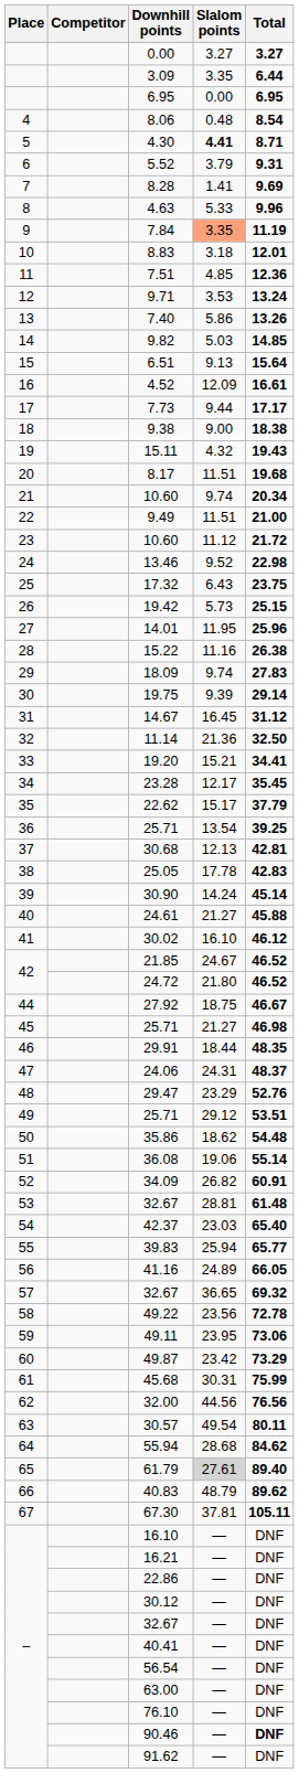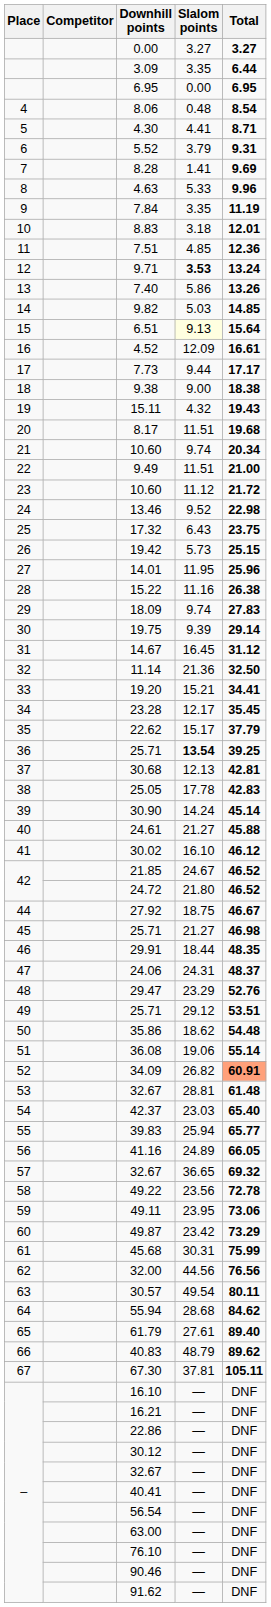 <table class=wikitable style="text-align:center">
 <tr>
 <th>Place</th>
 <th>Competitor</th>
 <th>Downhill<br>points</th>
 <th>Slalom<br>points</th>
 <th>Total</th>
 </tr>
 <tr>
 <td></td>
 <td align=left></td>
 <td>0.00</td>
 <td>3.27</td>
 <td><strong>3.27</strong></td>
 </tr>
 <tr>
 <td></td>
 <td align=left></td>
 <td>3.09</td>
 <td>3.35</td>
 <td><strong>6.44</strong></td>
 </tr>
 <tr>
 <td></td>
 <td align=left></td>
 <td>6.95</td>
 <td>0.00</td>
 <td><strong>6.95</strong></td>
 </tr>
 <tr>
 <td>4</td>
 <td align=left></td>
 <td>8.06</td>
 <td>0.48</td>
 <td><strong>8.54</strong></td>
 </tr>
 <tr>
 <td>5</td>
 <td align=left></td>
 <td>4.30</td>
-<td><strong>4.41</strong></td>
+<td>4.41</td>
 <td><strong>8.71</strong></td>
 </tr>
 <tr>
 <td>6</td>
 <td align=left></td>
 <td>5.52</td>
 <td>3.79</td>
 <td><strong>9.31</strong></td>
 </tr>
 <tr>
 <td>7</td>
 <td align=left></td>
 <td>8.28</td>
 <td>1.41</td>
 <td><strong>9.69</strong></td>
 </tr>
 <tr>
 <td>8</td>
 <td align=left></td>
 <td>4.63</td>
 <td>5.33</td>
 <td><strong>9.96</strong></td>
 </tr>
 <tr>
 <td>9</td>
 <td align=left></td>
 <td>7.84</td>
-<td style="background: lightsalmon;">3.35</td>
+<td>3.35</td>
 <td><strong>11.19</strong></td>
 </tr>
 <tr>
 <td>10</td>
 <td align=left></td>
 <td>8.83</td>
 <td>3.18</td>
 <td><strong>12.01</strong></td>
 </tr>
 <tr>
 <td>11</td>
 <td align=left></td>
 <td>7.51</td>
 <td>4.85</td>
 <td><strong>12.36</strong></td>
 </tr>
 <tr>
 <td>12</td>
 <td align=left></td>
 <td>9.71</td>
-<td>3.53</td>
+<td><strong>3.53</strong></td>
 <td><strong>13.24</strong></td>
 </tr>
 <tr>
 <td>13</td>
 <td align=left></td>
 <td>7.40</td>
 <td>5.86</td>
 <td><strong>13.26</strong></td>
 </tr>
 <tr>
 <td>14</td>
 <td align=left></td>
 <td>9.82</td>
 <td>5.03</td>
 <td><strong>14.85</strong></td>
 </tr>
 <tr>
 <td>15</td>
 <td align=left></td>
 <td>6.51</td>
-<td>9.13</td>
+<td style="background: lightyellow;">9.13</td>
 <td><strong>15.64</strong></td>
 </tr>
 <tr>
 <td>16</td>
 <td align=left></td>
 <td>4.52</td>
 <td>12.09</td>
 <td><strong>16.61</strong></td>
 </tr>
 <tr>
 <td>17</td>
 <td align=left></td>
 <td>7.73</td>
 <td>9.44</td>
 <td><strong>17.17</strong></td>
 </tr>
 <tr>
 <td>18</td>
 <td align=left></td>
 <td>9.38</td>
 <td>9.00</td>
 <td><strong>18.38</strong></td>
 </tr>
 <tr>
 <td>19</td>
 <td align=left></td>
 <td>15.11</td>
 <td>4.32</td>
 <td><strong>19.43</strong></td>
 </tr>
 <tr>
 <td>20</td>
 <td align=left></td>
 <td>8.17</td>
 <td>11.51</td>
 <td><strong>19.68</strong></td>
 </tr>
 <tr>
 <td>21</td>
 <td align=left></td>
 <td>10.60</td>
 <td>9.74</td>
 <td><strong>20.34</strong></td>
 </tr>
 <tr>
 <td>22</td>
 <td align=left></td>
 <td>9.49</td>
 <td>11.51</td>
 <td><strong>21.00</strong></td>
 </tr>
 <tr>
 <td>23</td>
 <td align=left></td>
 <td>10.60</td>
 <td>11.12</td>
 <td><strong>21.72</strong></td>
 </tr>
 <tr>
 <td>24</td>
 <td align=left></td>
 <td>13.46</td>
 <td>9.52</td>
 <td><strong>22.98</strong></td>
 </tr>
 <tr>
 <td>25</td>
 <td align=left></td>
 <td>17.32</td>
 <td>6.43</td>
 <td><strong>23.75</strong></td>
 </tr>
 <tr>
 <td>26</td>
 <td align=left></td>
 <td>19.42</td>
 <td>5.73</td>
 <td><strong>25.15</strong></td>
 </tr>
 <tr>
 <td>27</td>
 <td align=left></td>
 <td>14.01</td>
 <td>11.95</td>
 <td><strong>25.96</strong></td>
 </tr>
 <tr>
 <td>28</td>
 <td align=left></td>
 <td>15.22</td>
 <td>11.16</td>
 <td><strong>26.38</strong></td>
 </tr>
 <tr>
 <td>29</td>
 <td align=left></td>
 <td>18.09</td>
 <td>9.74</td>
 <td><strong>27.83</strong></td>
 </tr>
 <tr>
 <td>30</td>
 <td align=left></td>
 <td>19.75</td>
 <td>9.39</td>
 <td><strong>29.14</strong></td>
 </tr>
 <tr>
 <td>31</td>
 <td align=left></td>
 <td>14.67</td>
 <td>16.45</td>
 <td><strong>31.12</strong></td>
 </tr>
 <tr>
 <td>32</td>
 <td align=left></td>
 <td>11.14</td>
 <td>21.36</td>
 <td><strong>32.50</strong></td>
 </tr>
 <tr>
 <td>33</td>
 <td align=left></td>
 <td>19.20</td>
 <td>15.21</td>
 <td><strong>34.41</strong></td>
 </tr>
 <tr>
 <td>34</td>
 <td align=left></td>
 <td>23.28</td>
 <td>12.17</td>
 <td><strong>35.45</strong></td>
 </tr>
 <tr>
 <td>35</td>
 <td align=left></td>
 <td>22.62</td>
 <td>15.17</td>
 <td><strong>37.79</strong></td>
 </tr>
 <tr>
 <td>36</td>
 <td align=left></td>
 <td>25.71</td>
-<td>13.54</td>
+<td><strong>13.54</strong></td>
 <td><strong>39.25</strong></td>
 </tr>
 <tr>
 <td>37</td>
 <td align=left></td>
 <td>30.68</td>
 <td>12.13</td>
 <td><strong>42.81</strong></td>
 </tr>
 <tr>
 <td>38</td>
 <td align=left></td>
 <td>25.05</td>
 <td>17.78</td>
 <td><strong>42.83</strong></td>
 </tr>
 <tr>
 <td>39</td>
 <td align=left></td>
 <td>30.90</td>
 <td>14.24</td>
 <td><strong>45.14</strong></td>
 </tr>
 <tr>
 <td>40</td>
 <td align=left></td>
 <td>24.61</td>
 <td>21.27</td>
 <td><strong>45.88</strong></td>
 </tr>
 <tr>
 <td>41</td>
 <td align=left></td>
 <td>30.02</td>
 <td>16.10</td>
 <td><strong>46.12</strong></td>
 </tr>
 <tr>
 <td rowspan=2>42</td>
 <td align=left></td>
 <td>21.85</td>
 <td>24.67</td>
 <td><strong>46.52</strong></td>
 </tr>
 <tr>
 <td align=left></td>
 <td>24.72</td>
 <td>21.80</td>
 <td><strong>46.52</strong></td>
 </tr>
 <tr>
 <td>44</td>
 <td align=left></td>
 <td>27.92</td>
 <td>18.75</td>
 <td><strong>46.67</strong></td>
 </tr>
 <tr>
 <td>45</td>
 <td align=left></td>
 <td>25.71</td>
 <td>21.27</td>
 <td><strong>46.98</strong></td>
 </tr>
 <tr>
 <td>46</td>
 <td align=left></td>
 <td>29.91</td>
 <td>18.44</td>
 <td><strong>48.35</strong></td>
 </tr>
 <tr>
 <td>47</td>
 <td align=left></td>
 <td>24.06</td>
 <td>24.31</td>
 <td><strong>48.37</strong></td>
 </tr>
 <tr>
 <td>48</td>
 <td align=left></td>
 <td>29.47</td>
 <td>23.29</td>
 <td><strong>52.76</strong></td>
 </tr>
 <tr>
 <td>49</td>
 <td align=left></td>
 <td>25.71</td>
 <td>29.12</td>
 <td><strong>53.51</strong></td>
 </tr>
 <tr>
 <td>50</td>
 <td align=left></td>
 <td>35.86</td>
 <td>18.62</td>
 <td><strong>54.48</strong></td>
 </tr>
 <tr>
 <td>51</td>
 <td align=left></td>
 <td>36.08</td>
 <td>19.06</td>
 <td><strong>55.14</strong></td>
 </tr>
 <tr>
 <td>52</td>
 <td align=left></td>
 <td>34.09</td>
 <td>26.82</td>
-<td><strong>60.91</strong></td>
+<td style="background: lightsalmon;"><strong>60.91</strong></td>
 </tr>
 <tr>
 <td>53</td>
 <td align=left></td>
 <td>32.67</td>
 <td>28.81</td>
 <td><strong>61.48</strong></td>
 </tr>
 <tr>
 <td>54</td>
 <td align=left></td>
 <td>42.37</td>
 <td>23.03</td>
 <td><strong>65.40</strong></td>
 </tr>
 <tr>
 <td>55</td>
 <td align=left></td>
 <td>39.83</td>
 <td>25.94</td>
 <td><strong>65.77</strong></td>
 </tr>
 <tr>
 <td>56</td>
 <td align=left></td>
 <td>41.16</td>
 <td>24.89</td>
 <td><strong>66.05</strong></td>
 </tr>
 <tr>
 <td>57</td>
 <td align=left></td>
 <td>32.67</td>
 <td>36.65</td>
 <td><strong>69.32</strong></td>
 </tr>
 <tr>
 <td>58</td>
 <td align=left></td>
 <td>49.22</td>
 <td>23.56</td>
 <td><strong>72.78</strong></td>
 </tr>
 <tr>
 <td>59</td>
 <td align=left></td>
 <td>49.11</td>
 <td>23.95</td>
 <td><strong>73.06</strong></td>
 </tr>
 <tr>
 <td>60</td>
 <td align=left></td>
 <td>49.87</td>
 <td>23.42</td>
 <td><strong>73.29</strong></td>
 </tr>
 <tr>
 <td>61</td>
 <td align=left></td>
 <td>45.68</td>
 <td>30.31</td>
 <td><strong>75.99</strong></td>
 </tr>
 <tr>
 <td>62</td>
 <td align=left></td>
 <td>32.00</td>
 <td>44.56</td>
 <td><strong>76.56</strong></td>
 </tr>
 <tr>
 <td>63</td>
 <td align=left></td>
 <td>30.57</td>
 <td>49.54</td>
 <td><strong>80.11</strong></td>
 </tr>
 <tr>
 <td>64</td>
 <td align=left></td>
 <td>55.94</td>
 <td>28.68</td>
 <td><strong>84.62</strong></td>
 </tr>
 <tr>
 <td>65</td>
 <td align=left></td>
 <td>61.79</td>
-<td style="background: lightgrey;">27.61</td>
+<td>27.61</td>
 <td><strong>89.40</strong></td>
 </tr>
 <tr>
 <td>66</td>
 <td align=left></td>
 <td>40.83</td>
 <td>48.79</td>
 <td><strong>89.62</strong></td>
 </tr>
 <tr>
 <td>67</td>
 <td align=left></td>
 <td>67.30</td>
 <td>37.81</td>
 <td><strong>105.11</strong></td>
 </tr>
 <tr>
 <td rowspan=11>–</td>
 <td align=left></td>
 <td>16.10</td>
 <td>—</td>
 <td>DNF</td>
 </tr>
 <tr>
 <td align=left></td>
 <td>16.21</td>
 <td>—</td>
 <td>DNF</td>
 </tr>
 <tr>
 <td align=left></td>
 <td>22.86</td>
 <td>—</td>
 <td>DNF</td>
 </tr>
 <tr>
 <td align=left></td>
 <td>30.12</td>
 <td>—</td>
 <td>DNF</td>
 </tr>
 <tr>
 <td align=left></td>
 <td>32.67</td>
 <td>—</td>
 <td>DNF</td>
 </tr>
 <tr>
 <td align=left></td>
 <td>40.41</td>
 <td>—</td>
 <td>DNF</td>
 </tr>
 <tr>
 <td align=left></td>
 <td>56.54</td>
 <td>—</td>
 <td>DNF</td>
 </tr>
 <tr>
 <td align=left></td>
 <td>63.00</td>
 <td>—</td>
 <td>DNF</td>
 </tr>
 <tr>
 <td align=left></td>
 <td>76.10</td>
 <td>—</td>
 <td>DNF</td>
 </tr>
 <tr>
 <td align=left></td>
 <td>90.46</td>
 <td>—</td>
-<td><strong>DNF</strong></td>
+<td>DNF</td>
 </tr>
 <tr>
 <td align=left></td>
 <td>91.62</td>
 <td>—</td>
 <td>DNF</td>
 </tr>
 </table>
